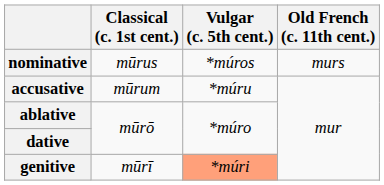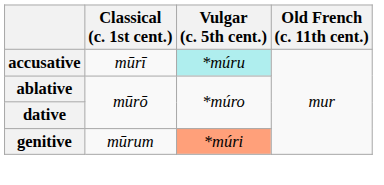 <table class="wikitable" align="center" style="display: inline-table;">
 <tr>
 <th></th>
 <th>Classical <br>(c. 1st cent.)</th>
 <th>Vulgar<br>(c. 5th cent.)</th>
 <th>Old French <br>(c. 11th cent.)</th>
 </tr>
 <tr align="center">
-<th>nominative</th>
-<td><em>mūrus</em></td>
-<td><em>*múros</em></td>
-<td><em>murs</em></td>
-</tr>
-<tr align="center">
 <th>accusative</th>
-<td><em>mūrum</em></td>
-<td><em>*múru</em></td>
+<td><em>mūrī</em></td>
+<td style="background: paleturquoise;"><em>*múru</em></td>
 <td rowspan="4"><em>mur</em></td>
 </tr>
 <tr align="center">
 <th>ablative</th>
 <td rowspan="2"><em>mūrō</em></td>
 <td rowspan="2"><em>*múro</em></td>
 </tr>
 <tr align="center">
 <th>dative</th>
 </tr>
 <tr align="center">
 <th>genitive</th>
-<td><em>mūrī</em></td>
+<td><em>mūrum</em></td>
 <td style="background: lightsalmon;"><em>*múri</em></td>
 </tr>
 </table>
